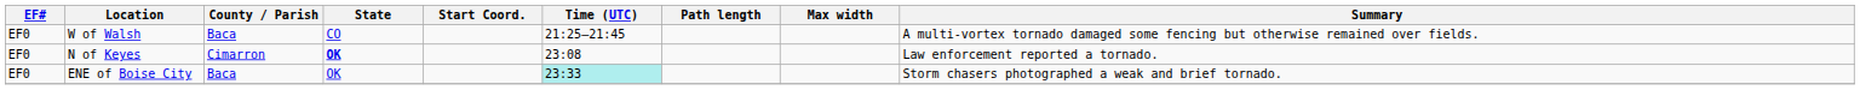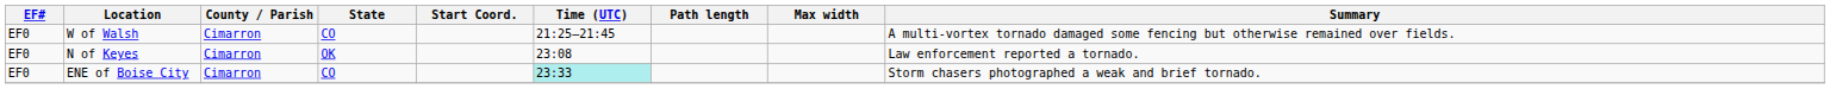 <table class="wikitable sortable" style="width:100%;">
 <tr>
 <th scope="col"  style="width:3%; text-align:center;"><a href='#'>EF#</a></th>
 <th scope="col"  style="width:7%; text-align:center;" class="unsortable">Location</th>
 <th scope="col"  style="width:6%; text-align:center;" class="unsortable">County / Parish</th>
 <th scope="col"  style="width:5%; text-align:center;">State</th>
 <th scope="col"  style="width:6%; text-align:center;">Start Coord.</th>
 <th scope="col"  style="width:6%; text-align:center;">Time (<a href='#'>UTC</a>)</th>
 <th scope="col"  style="width:6%; text-align:center;">Path length</th>
 <th scope="col"  style="width:6%; text-align:center;">Max width</th>
 <th scope="col" class="unsortable" style="width:48%; text-align:center;">Summary</th>
 </tr>
 <tr>
 <td>EF0</td>
 <td>W of <a href='#'>Walsh</a></td>
-<td><a href='#'>Baca</a></td>
+<td><a href='#'>Cimarron</a></td>
 <td><a href='#'>CO</a></td>
 <td></td>
 <td>21:25–21:45</td>
 <td></td>
 <td></td>
 <td>A multi-vortex tornado damaged some fencing but otherwise remained over fields.</td>
 </tr>
 <tr>
 <td>EF0</td>
 <td>N of <a href='#'>Keyes</a></td>
 <td><a href='#'>Cimarron</a></td>
-<td><strong><a href='#'>OK</a></strong></td>
+<td><a href='#'>OK</a></td>
 <td></td>
 <td>23:08</td>
 <td></td>
 <td></td>
 <td>Law enforcement reported a tornado.</td>
 </tr>
 <tr>
 <td>EF0</td>
 <td>ENE of <a href='#'>Boise City</a></td>
-<td><a href='#'>Baca</a></td>
-<td><a href='#'>OK</a></td>
+<td><a href='#'>Cimarron</a></td>
+<td><a href='#'>CO</a></td>
 <td></td>
 <td style="background: paleturquoise;">23:33</td>
 <td></td>
 <td></td>
 <td>Storm chasers photographed a weak and brief tornado.</td>
 </tr>
 <tr>
 </tr>
 </table>
